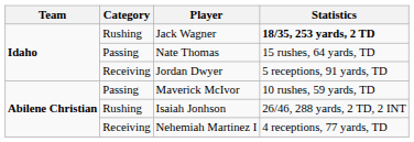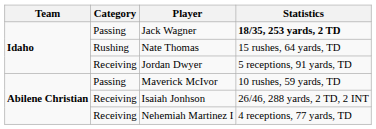 <table class="wikitable" style="float: right;">
 <tr>
 <th>Team</th>
 <th>Category</th>
 <th>Player</th>
 <th>Statistics</th>
 </tr>
 <tr>
 <td rowspan=3><strong>Idaho</strong></td>
-<td>Rushing</td>
+<td>Passing</td>
 <td>Jack Wagner</td>
 <td><strong>18/35, 253 yards, 2 TD</strong></td>
 </tr>
 <tr>
-<td>Passing</td>
+<td>Rushing</td>
 <td>Nate Thomas</td>
 <td>15 rushes, 64 yards, TD</td>
 </tr>
 <tr>
 <td>Receiving</td>
 <td>Jordan Dwyer</td>
 <td>5 receptions, 91 yards, TD</td>
 </tr>
 <tr>
 <td rowspan=3><strong>Abilene Christian</strong></td>
 <td>Passing</td>
 <td>Maverick McIvor</td>
 <td>10 rushes, 59 yards, TD</td>
 </tr>
 <tr>
-<td>Rushing</td>
+<td>Receiving</td>
 <td>Isaiah Jonhson</td>
 <td>26/46, 288 yards, 2 TD, 2 INT</td>
 </tr>
 <tr>
 <td>Receiving</td>
 <td>Nehemiah Martinez I</td>
 <td>4 receptions, 77 yards, TD</td>
 </tr>
 </table>
